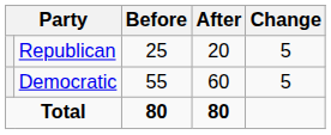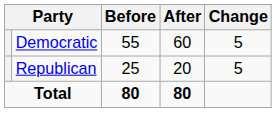 <table class="wikitable" style="text-align:center;">
 <tr>
 </tr>
 <tr>
 <th colspan=2>Party</th>
 <th>Before</th>
 <th>After</th>
 <th>Change</th>
 </tr>
 <tr>
 <th style="background-color:"></th>
-<td style="text-align:left;"><a href='#'>Republican</a></td>
-<td>25</td>
-<td>20</td>
+<td style="text-align:left;"><a href='#'>Democratic</a></td>
+<td>55</td>
+<td>60</td>
 <td> 5</td>
 </tr>
 <tr>
 <th style="background-color:"></th>
-<td style="text-align:left;"><a href='#'>Democratic</a></td>
-<td>55</td>
-<td>60</td>
+<td style="text-align:left;"><a href='#'>Republican</a></td>
+<td>25</td>
+<td>20</td>
 <td> 5</td>
 </tr>
 <tr>
 <td colspan=2><strong>Total</strong></td>
 <td><strong>80</strong></td>
 <td><strong>80</strong></td>
 <td></td>
 </tr>
 </table>
